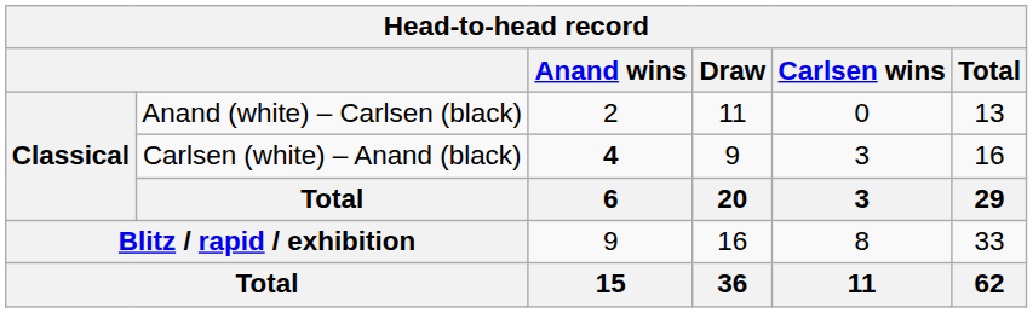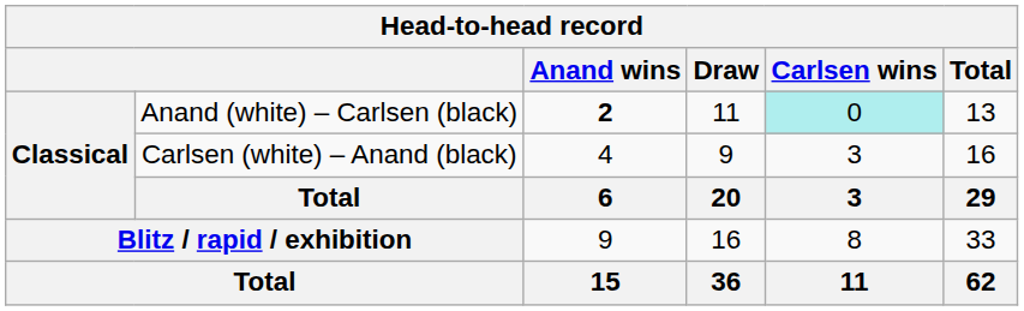 <table class="wikitable">
 <tr>
 <th colspan=6>Head-to-head record</th>
 </tr>
 <tr>
 <th colspan=2></th>
 <th><a href='#'>Anand</a> wins</th>
 <th>Draw</th>
 <th><a href='#'>Carlsen</a> wins</th>
 <th>Total</th>
 </tr>
 <tr align=center>
 <th rowspan=3>Classical</th>
 <td>Anand (white) – Carlsen (black)</td>
-<td>2</td>
+<td><strong>2</strong></td>
 <td>11</td>
-<td>0</td>
+<td style="background: paleturquoise;">0</td>
 <td>13</td>
 </tr>
 <tr align=center>
 <td>Carlsen (white) – Anand (black)</td>
-<td><strong>4</strong></td>
+<td>4</td>
 <td>9</td>
 <td>3</td>
 <td>16</td>
 </tr>
 <tr>
 <th>Total</th>
 <th>6</th>
 <th>20</th>
 <th>3</th>
 <th>29</th>
 </tr>
 <tr align=center>
 <th colspan=2><a href='#'>Blitz</a> / <a href='#'>rapid</a> / exhibition</th>
 <td>9</td>
 <td>16</td>
 <td>8</td>
 <td>33</td>
 </tr>
 <tr>
 <th colspan=2>Total</th>
 <th>15</th>
 <th>36</th>
 <th>11</th>
 <th>62</th>
 </tr>
 </table>
